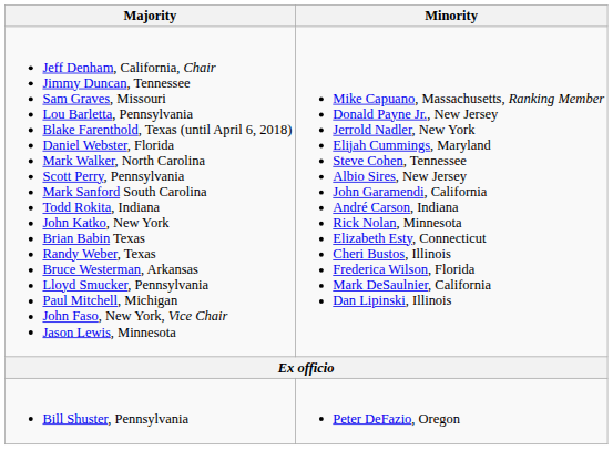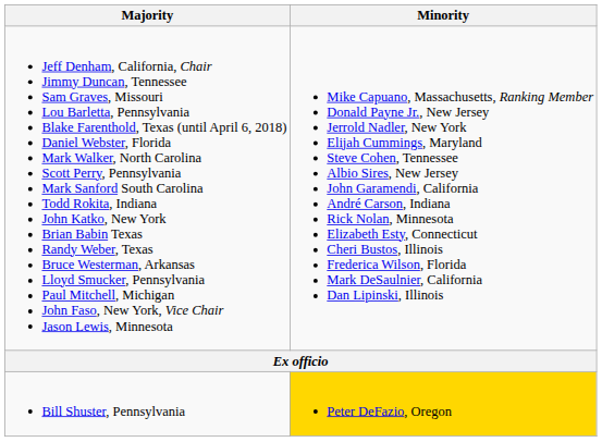 <table class=wikitable>
 <tr>
 <th>Majority</th>
 <th>Minority</th>
 </tr>
 <tr>
 <td><br><ul><li><a href='#'>Jeff Denham</a>, California, <em>Chair</em></li><li><a href='#'>Jimmy Duncan</a>, Tennessee</li><li><a href='#'>Sam Graves</a>, Missouri</li><li><a href='#'>Lou Barletta</a>, Pennsylvania</li><li><a href='#'>Blake Farenthold</a>, Texas (until April 6, 2018)</li><li><a href='#'>Daniel Webster</a>, Florida</li><li><a href='#'>Mark Walker</a>, North Carolina</li><li><a href='#'>Scott Perry</a>, Pennsylvania</li><li><a href='#'>Mark Sanford</a> South Carolina</li><li><a href='#'>Todd Rokita</a>, Indiana</li><li><a href='#'>John Katko</a>, New York</li><li><a href='#'>Brian Babin</a> Texas</li><li><a href='#'>Randy Weber</a>, Texas</li><li><a href='#'>Bruce Westerman</a>, Arkansas</li><li><a href='#'>Lloyd Smucker</a>, Pennsylvania</li><li><a href='#'>Paul Mitchell</a>, Michigan</li><li><a href='#'>John Faso</a>, New York, <em>Vice Chair</em></li><li><a href='#'>Jason Lewis</a>, Minnesota</li></ul></td>
 <td><br><ul><li><a href='#'>Mike Capuano</a>, Massachusetts, <em>Ranking Member</em></li><li><a href='#'>Donald Payne Jr.</a>, New Jersey</li><li><a href='#'>Jerrold Nadler</a>, New York</li><li><a href='#'>Elijah Cummings</a>, Maryland</li><li><a href='#'>Steve Cohen</a>, Tennessee</li><li><a href='#'>Albio Sires</a>, New Jersey</li><li><a href='#'>John Garamendi</a>, California</li><li><a href='#'>André Carson</a>, Indiana</li><li><a href='#'>Rick Nolan</a>, Minnesota</li><li><a href='#'>Elizabeth Esty</a>, Connecticut</li><li><a href='#'>Cheri Bustos</a>, Illinois</li><li><a href='#'>Frederica Wilson</a>, Florida</li><li><a href='#'>Mark DeSaulnier</a>, California</li><li><a href='#'>Dan Lipinski</a>, Illinois</li></ul></td>
 </tr>
 <tr>
 <th colspan=2><em>Ex officio</em></th>
 </tr>
 <tr>
 <td><br><ul><li><a href='#'>Bill Shuster</a>, Pennsylvania</li></ul></td>
-<td><br><ul><li><a href='#'>Peter DeFazio</a>, Oregon</li></ul></td>
+<td style="background: gold;"><br><ul><li><a href='#'>Peter DeFazio</a>, Oregon</li></ul></td>
 </tr>
 </table>
